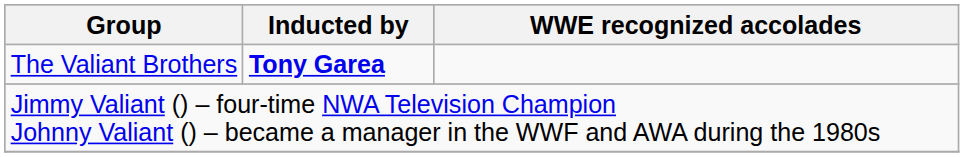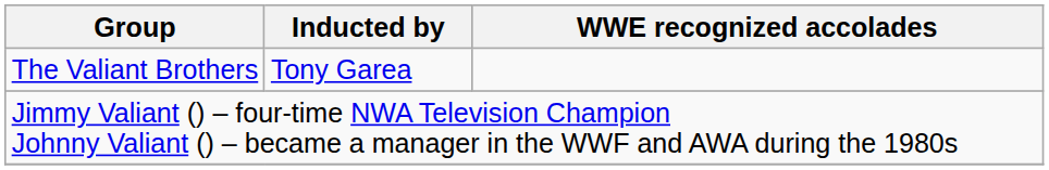 <table class="wikitable" style="font-size: 95%">
 <tr>
 <th style="width:25%;">Group</th>
 <th style="width:20%;">Inducted by</th>
 <th class="unsortable">WWE recognized accolades</th>
 </tr>
 <tr>
 <td><a href='#'>The Valiant Brothers</a></td>
-<td><strong><a href='#'>Tony Garea</a></strong></td>
+<td><a href='#'>Tony Garea</a></td>
 <td></td>
 </tr>
 <tr>
 <td colspan=3><a href='#'>Jimmy Valiant</a> () – four-time <a href='#'>NWA Television Champion</a><br><a href='#'>Johnny Valiant</a> () – became a manager in the WWF and AWA during the 1980s</td>
 </tr>
 <tr>
 </tr>
 </table>
